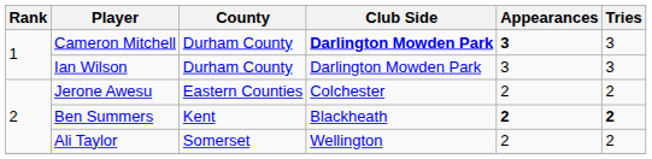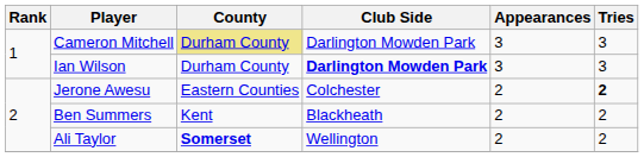 <table class="wikitable">
 <tr>
 <th>Rank</th>
 <th>Player</th>
 <th>County</th>
 <th>Club Side</th>
 <th>Appearances</th>
 <th>Tries</th>
 </tr>
 <tr>
 <td rowspan=2>1</td>
 <td> <a href='#'>Cameron Mitchell</a></td>
-<td><a href='#'>Durham County</a></td>
-<td><strong><a href='#'>Darlington Mowden Park</a></strong></td>
-<td><strong>3</strong></td>
+<td style="background: khaki;"><a href='#'>Durham County</a></td>
+<td><a href='#'>Darlington Mowden Park</a></td>
+<td>3</td>
 <td>3</td>
 </tr>
 <tr>
 <td> <a href='#'>Ian Wilson</a></td>
 <td><a href='#'>Durham County</a></td>
-<td><a href='#'>Darlington Mowden Park</a></td>
+<td><strong><a href='#'>Darlington Mowden Park</a></strong></td>
 <td>3</td>
 <td>3</td>
 </tr>
 <tr>
 <td rowspan=3>2</td>
 <td> <a href='#'>Jerone Awesu</a></td>
 <td><a href='#'>Eastern Counties</a></td>
 <td><a href='#'>Colchester</a></td>
 <td>2</td>
-<td>2</td>
+<td><strong>2</strong></td>
 </tr>
 <tr>
 <td> <a href='#'>Ben Summers</a></td>
 <td><a href='#'>Kent</a></td>
 <td><a href='#'>Blackheath</a></td>
-<td><strong>2</strong></td>
-<td><strong>2</strong></td>
+<td>2</td>
+<td>2</td>
 </tr>
 <tr>
 <td> <a href='#'>Ali Taylor</a></td>
-<td><a href='#'>Somerset</a></td>
+<td><strong><a href='#'>Somerset</a></strong></td>
 <td><a href='#'>Wellington</a></td>
 <td>2</td>
 <td>2</td>
 </tr>
 <tr>
 </tr>
 </table>
